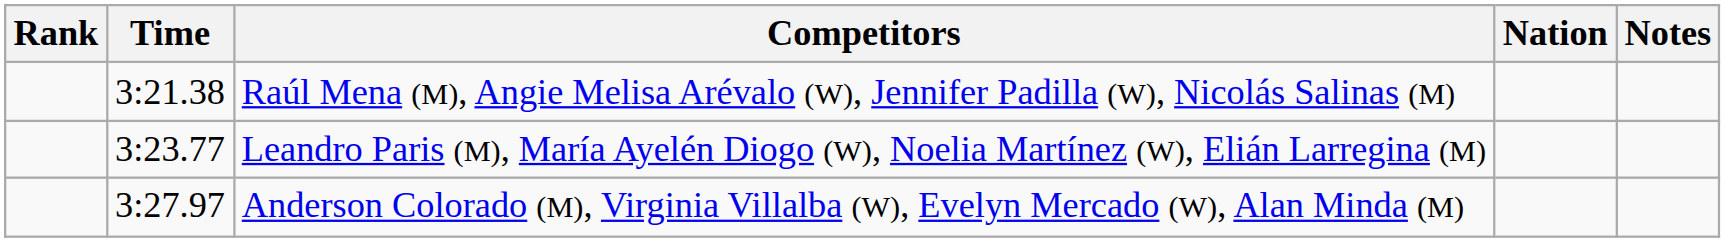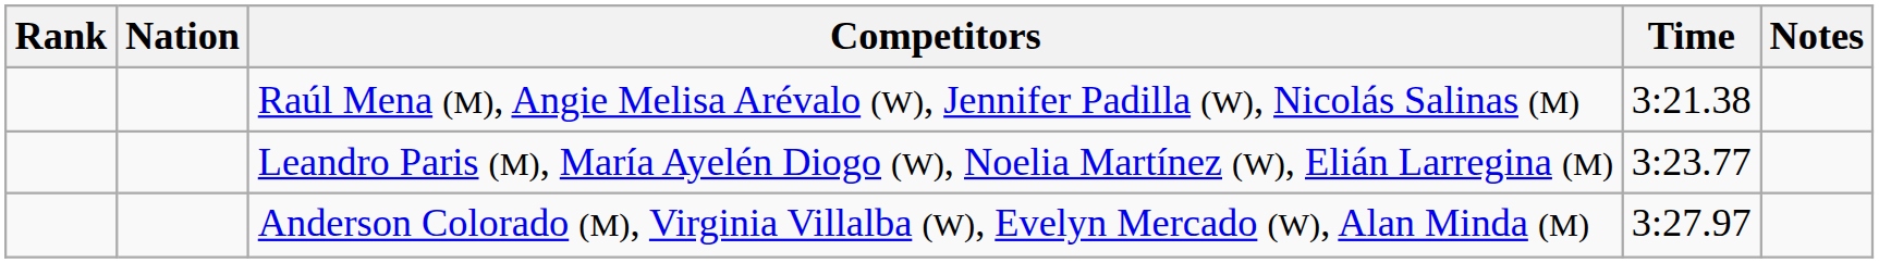 <table class="wikitable sortable" style="text-align:center">
 <tr>
 <th>Rank</th>
+<th>Nation</th>
+<th>Competitors</th>
 <th>Time</th>
-<th>Competitors</th>
-<th>Nation</th>
 <th>Notes</th>
 </tr>
 <tr>
 <td></td>
+<td align=left></td>
+<td align=left><a href='#'>Raúl Mena</a> <small>(M)</small>, <a href='#'>Angie Melisa Arévalo</a> <small>(W)</small>, <a href='#'>Jennifer Padilla</a> <small>(W)</small>, <a href='#'>Nicolás Salinas</a> <small>(M)</small></td>
 <td>3:21.38</td>
-<td align=left><a href='#'>Raúl Mena</a> <small>(M)</small>, <a href='#'>Angie Melisa Arévalo</a> <small>(W)</small>, <a href='#'>Jennifer Padilla</a> <small>(W)</small>, <a href='#'>Nicolás Salinas</a> <small>(M)</small></td>
-<td align=left></td>
 <td><strong></strong></td>
 </tr>
 <tr>
 <td></td>
+<td align=left></td>
+<td align=left><a href='#'>Leandro Paris</a> <small>(M)</small>, <a href='#'>María Ayelén Diogo</a> <small>(W)</small>, <a href='#'>Noelia Martínez</a> <small>(W)</small>, <a href='#'>Elián Larregina</a> <small>(M)</small></td>
 <td>3:23.77</td>
-<td align=left><a href='#'>Leandro Paris</a> <small>(M)</small>, <a href='#'>María Ayelén Diogo</a> <small>(W)</small>, <a href='#'>Noelia Martínez</a> <small>(W)</small>, <a href='#'>Elián Larregina</a> <small>(M)</small></td>
-<td align=left></td>
 <td></td>
 </tr>
 <tr>
 <td></td>
+<td align=left></td>
+<td align=left><a href='#'>Anderson Colorado</a> <small>(M)</small>, <a href='#'>Virginia Villalba</a> <small>(W)</small>, <a href='#'>Evelyn Mercado</a> <small>(W)</small>, <a href='#'>Alan Minda</a> <small>(M)</small></td>
 <td>3:27.97</td>
-<td align=left><a href='#'>Anderson Colorado</a> <small>(M)</small>, <a href='#'>Virginia Villalba</a> <small>(W)</small>, <a href='#'>Evelyn Mercado</a> <small>(W)</small>, <a href='#'>Alan Minda</a> <small>(M)</small></td>
-<td align=left></td>
 <td></td>
 </tr>
 </table>
